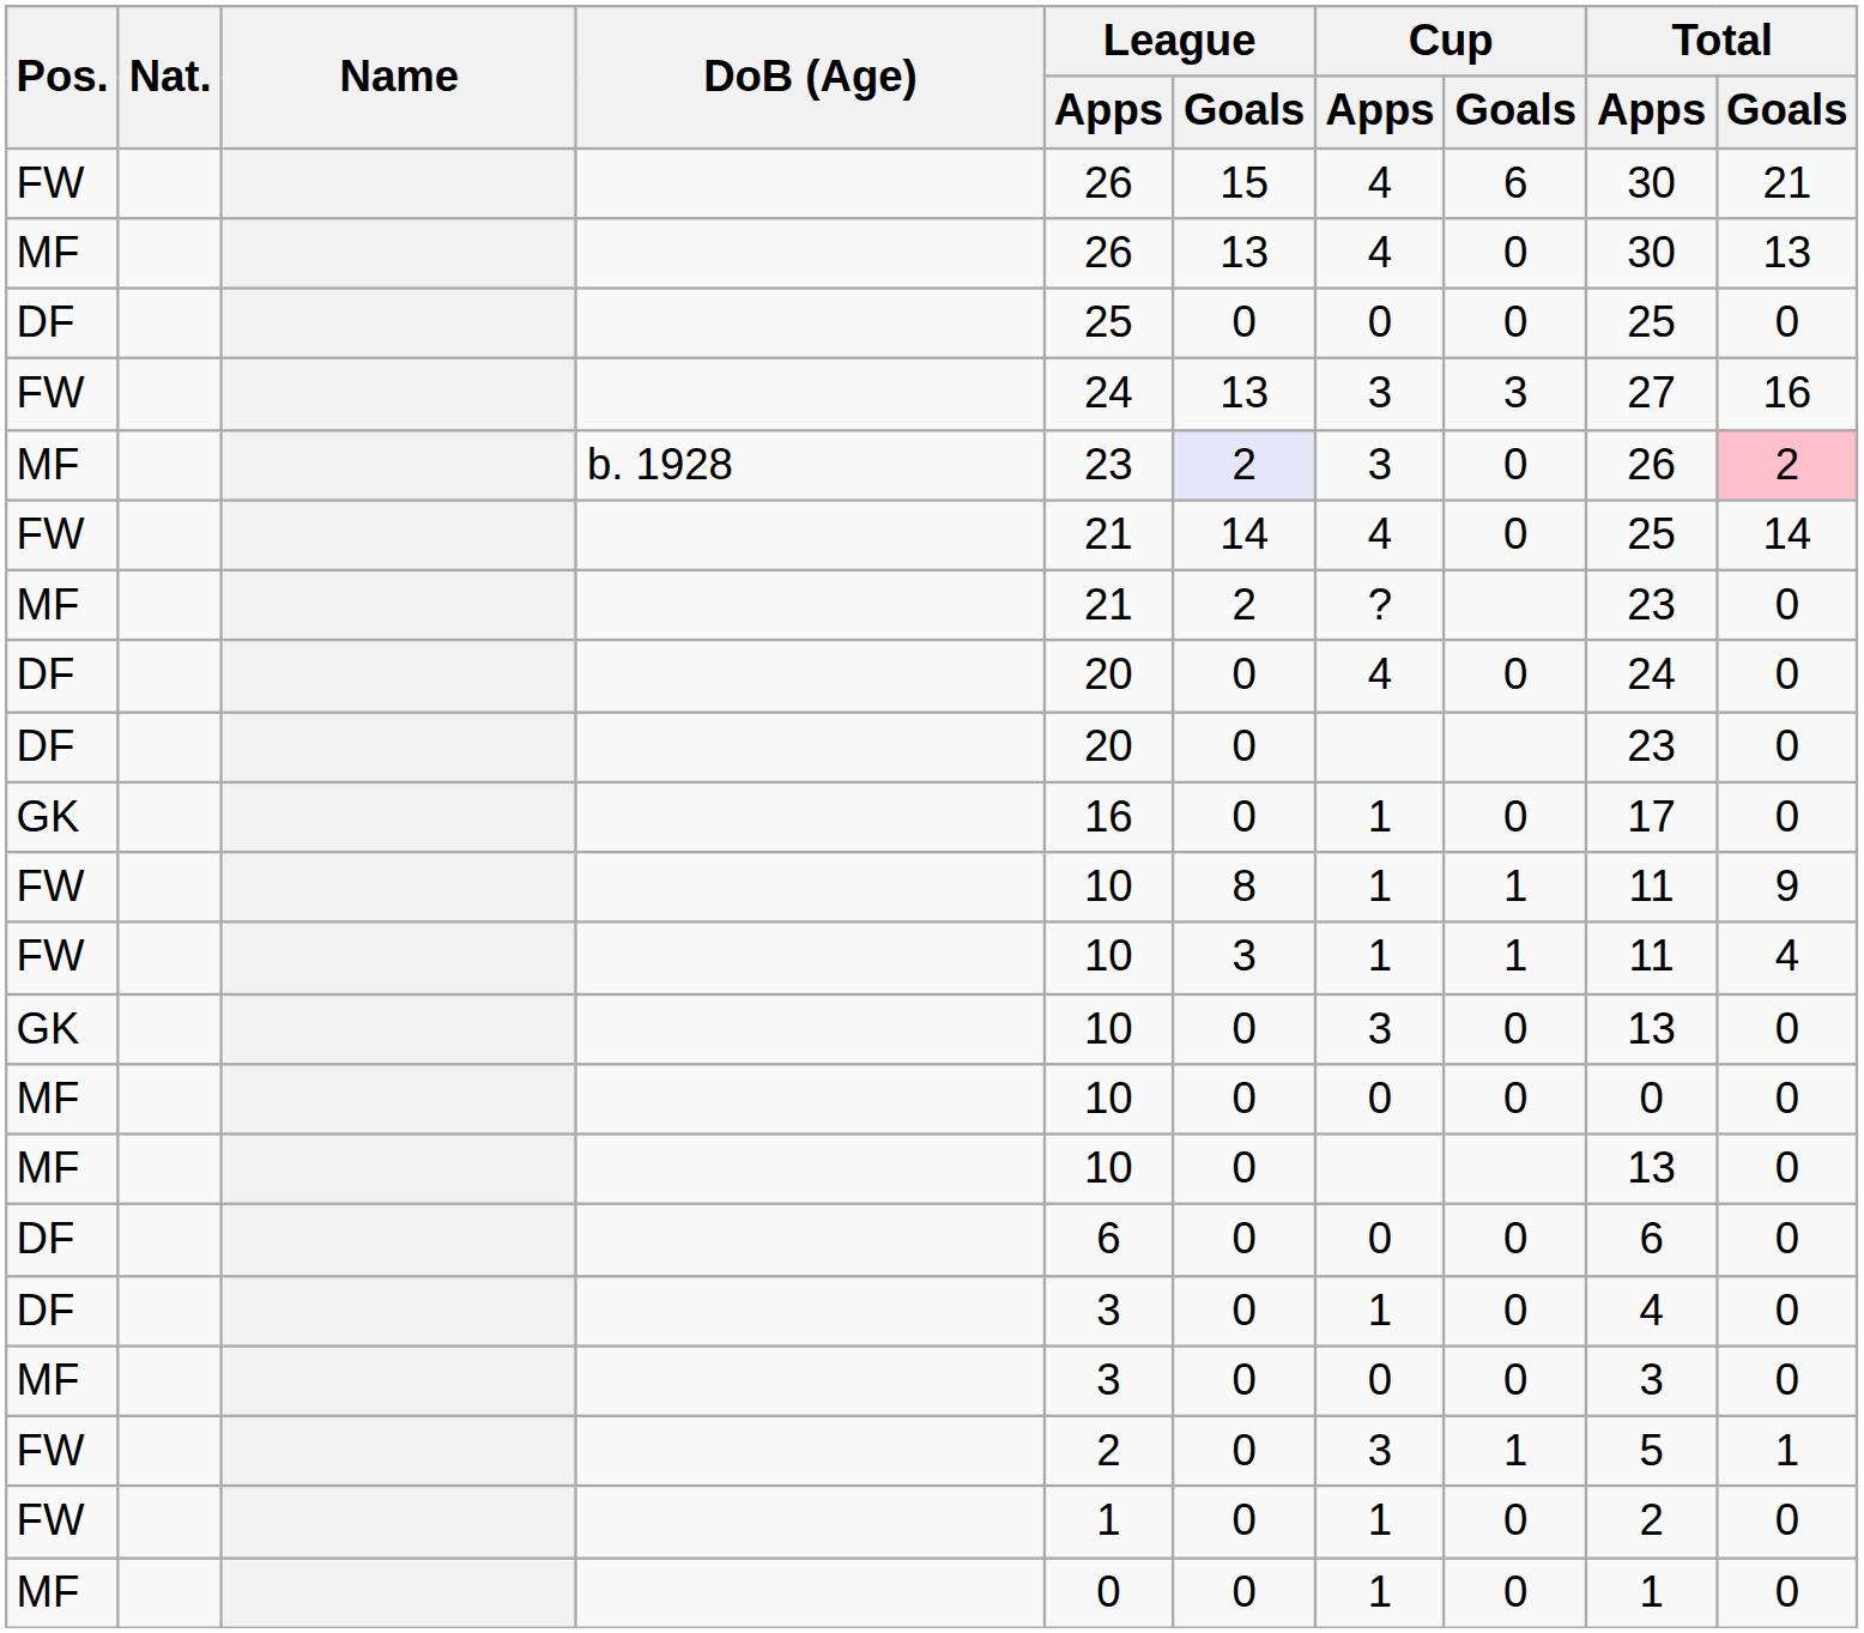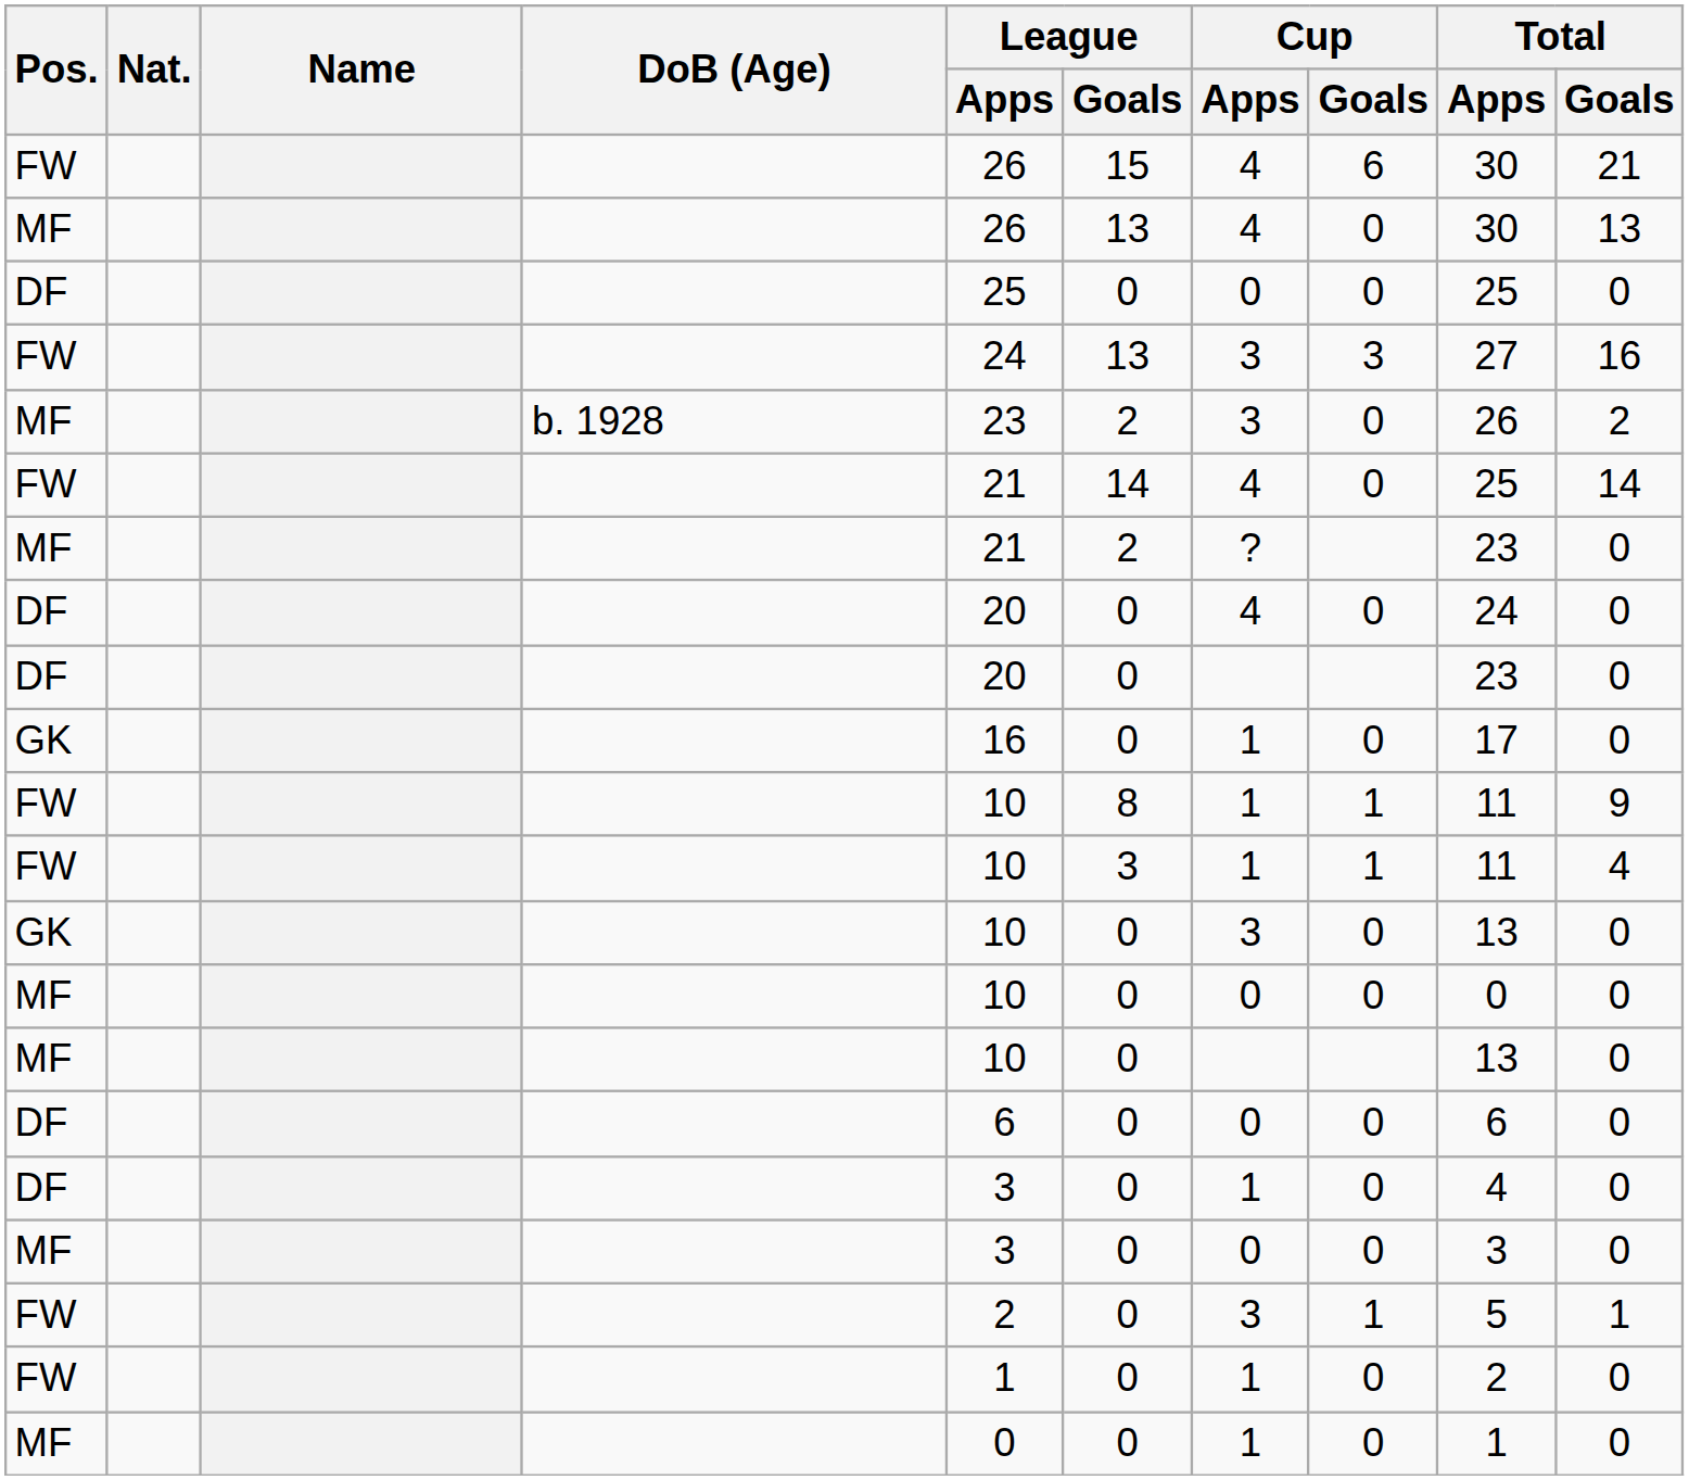 <table class="wikitable plainrowheaders sortable" style="text-align:center; font-size:98%;">
 <tr>
 <th rowspan="2">Pos.</th>
 <th rowspan="2">Nat.</th>
 <th rowspan="2" width="120">Name</th>
 <th rowspan="2" width="160">DoB (Age)</th>
 <th colspan="2" width="85">League</th>
 <th colspan="2" width="85">Cup</th>
 <th colspan="2" width="85">Total</th>
 </tr>
 <tr>
 <th>Apps</th>
 <th>Goals</th>
 <th>Apps</th>
 <th>Goals</th>
 <th>Apps</th>
 <th>Goals</th>
 </tr>
 <tr>
 <td align="left">FW</td>
 <td></td>
 <th scope="row"></th>
 <td align=left></td>
 <td>26</td>
 <td>15</td>
 <td>4</td>
 <td>6</td>
 <td>30</td>
 <td>21</td>
 </tr>
 <tr>
 <td align="left">MF</td>
 <td></td>
 <th scope="row"></th>
 <td align=left></td>
 <td>26</td>
 <td>13</td>
 <td>4</td>
 <td>0</td>
 <td>30</td>
 <td>13</td>
 </tr>
 <tr>
 <td align="left">DF</td>
 <td></td>
 <th scope="row"></th>
 <td align=left></td>
 <td>25</td>
 <td>0</td>
 <td>0</td>
 <td>0</td>
 <td>25</td>
 <td>0</td>
 </tr>
 <tr>
 <td align="left">FW</td>
 <td></td>
 <th scope="row"></th>
 <td align=left></td>
 <td>24</td>
 <td>13</td>
 <td>3</td>
 <td>3</td>
 <td>27</td>
 <td>16</td>
 </tr>
 <tr>
 <td align="left">MF</td>
 <td></td>
 <th scope="row"></th>
 <td align=left>b. 1928</td>
 <td>23</td>
-<td style="background: lavender;">2</td>
+<td>2</td>
 <td>3</td>
 <td>0</td>
 <td>26</td>
-<td style="background: pink;">2</td>
+<td>2</td>
 </tr>
 <tr>
 <td align="left">FW</td>
 <td></td>
 <th scope="row"></th>
 <td align=left></td>
 <td>21</td>
 <td>14</td>
 <td>4</td>
 <td>0</td>
 <td>25</td>
 <td>14</td>
 </tr>
 <tr>
 <td align="left">MF</td>
 <td></td>
 <th scope="row"></th>
 <td align=left></td>
 <td>21</td>
 <td>2</td>
 <td>?</td>
 <td></td>
 <td>23</td>
 <td>0</td>
 </tr>
 <tr>
 <td align="left">DF</td>
 <td></td>
 <th scope="row"></th>
 <td align=left></td>
 <td>20</td>
 <td>0</td>
 <td>4</td>
 <td>0</td>
 <td>24</td>
 <td>0</td>
 </tr>
 <tr>
 <td align="left">DF</td>
 <td></td>
 <th scope="row"></th>
 <td align=left></td>
 <td>20</td>
 <td>0</td>
 <td></td>
 <td></td>
 <td>23</td>
 <td>0</td>
 </tr>
 <tr>
 <td align="left">GK</td>
 <td></td>
 <th scope="row"></th>
 <td align=left></td>
 <td>16</td>
 <td>0</td>
 <td>1</td>
 <td>0</td>
 <td>17</td>
 <td>0</td>
 </tr>
 <tr>
 <td align="left">FW</td>
 <td></td>
 <th scope="row"></th>
 <td align=left></td>
 <td>10</td>
 <td>8</td>
 <td>1</td>
 <td>1</td>
 <td>11</td>
 <td>9</td>
 </tr>
 <tr>
 <td align="left">FW</td>
 <td></td>
 <th scope="row"></th>
 <td align=left></td>
 <td>10</td>
 <td>3</td>
 <td>1</td>
 <td>1</td>
 <td>11</td>
 <td>4</td>
 </tr>
 <tr>
 <td align="left">GK</td>
 <td></td>
 <th scope="row"></th>
 <td align=left></td>
 <td>10</td>
 <td>0</td>
 <td>3</td>
 <td>0</td>
 <td>13</td>
 <td>0</td>
 </tr>
 <tr>
 <td align="left">MF</td>
 <td></td>
 <th scope="row"></th>
 <td align=left></td>
 <td>10</td>
 <td>0</td>
 <td>0</td>
 <td>0</td>
 <td>0</td>
 <td>0</td>
 </tr>
 <tr>
 <td align="left">MF</td>
 <td></td>
 <th scope="row"></th>
 <td align=left></td>
 <td>10</td>
 <td>0</td>
 <td></td>
 <td></td>
 <td>13</td>
 <td>0</td>
 </tr>
 <tr>
 <td align="left">DF</td>
 <td></td>
 <th scope="row"></th>
 <td align=left></td>
 <td>6</td>
 <td>0</td>
 <td>0</td>
 <td>0</td>
 <td>6</td>
 <td>0</td>
 </tr>
 <tr>
 <td align="left">DF</td>
 <td></td>
 <th scope="row"></th>
 <td align=left></td>
 <td>3</td>
 <td>0</td>
 <td>1</td>
 <td>0</td>
 <td>4</td>
 <td>0</td>
 </tr>
 <tr>
 <td align="left">MF</td>
 <td></td>
 <th scope="row"></th>
 <td align=left></td>
 <td>3</td>
 <td>0</td>
 <td>0</td>
 <td>0</td>
 <td>3</td>
 <td>0</td>
 </tr>
 <tr>
 <td align="left">FW</td>
 <td></td>
 <th scope="row"></th>
 <td align=left></td>
 <td>2</td>
 <td>0</td>
 <td>3</td>
 <td>1</td>
 <td>5</td>
 <td>1</td>
 </tr>
 <tr>
 <td align="left">FW</td>
 <td></td>
 <th scope="row"></th>
 <td align=left></td>
 <td>1</td>
 <td>0</td>
 <td>1</td>
 <td>0</td>
 <td>2</td>
 <td>0</td>
 </tr>
 <tr>
 <td align="left">MF</td>
 <td></td>
 <th scope="row"></th>
 <td align=left></td>
 <td>0</td>
 <td>0</td>
 <td>1</td>
 <td>0</td>
 <td>1</td>
 <td>0</td>
 </tr>
 <tr>
 </tr>
 </table>
